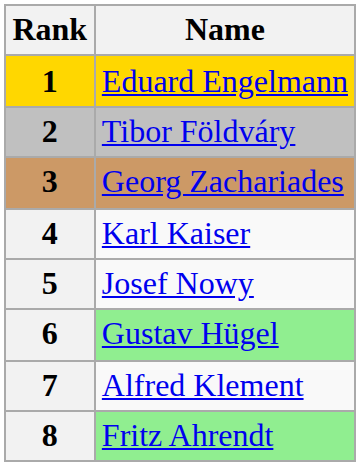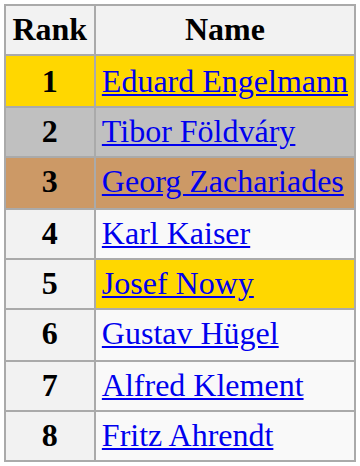 <table class="wikitable">
 <tr>
 <th>Rank</th>
 <th>Name</th>
 </tr>
 <tr bgcolor="gold">
 <td align="center"><strong>1</strong></td>
 <td> <a href='#'>Eduard Engelmann</a></td>
 </tr>
 <tr bgcolor="silver">
 <td align="center"><strong>2</strong></td>
 <td> <a href='#'>Tibor Földváry</a></td>
 </tr>
 <tr bgcolor="cc9966">
 <td align="center"><strong>3</strong></td>
 <td> <a href='#'>Georg Zachariades</a></td>
 </tr>
 <tr>
 <th>4</th>
 <td> <a href='#'>Karl Kaiser</a></td>
 </tr>
 <tr>
 <th>5</th>
-<td> <a href='#'>Josef Nowy</a></td>
+<td style="background: gold;"> <a href='#'>Josef Nowy</a></td>
 </tr>
 <tr>
 <th>6</th>
-<td style="background: lightgreen;"> <a href='#'>Gustav Hügel</a></td>
+<td> <a href='#'>Gustav Hügel</a></td>
 </tr>
 <tr>
 <th>7</th>
 <td> <a href='#'>Alfred Klement</a></td>
 </tr>
 <tr>
 <th>8</th>
-<td style="background: lightgreen;"> <a href='#'>Fritz Ahrendt</a></td>
+<td> <a href='#'>Fritz Ahrendt</a></td>
 </tr>
 </table>
